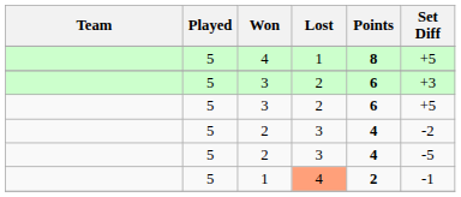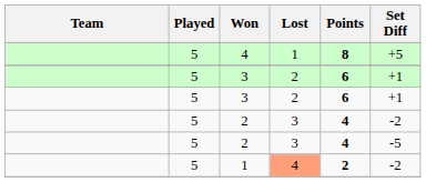 <table class=wikitable style="text-align:center">
 <tr>
 <th width=180>Team</th>
 <th width=50>Played</th>
 <th width=50>Won</th>
 <th width=50>Lost</th>
 <th width=50>Points</th>
 <th width=50>Set Diff</th>
 </tr>
 <tr>
 </tr>
 <tr bgcolor=ccffcc>
 <td align=left></td>
 <td>5</td>
 <td>4</td>
 <td>1</td>
 <td><strong>8</strong></td>
 <td>+5</td>
 </tr>
 <tr>
 </tr>
 <tr bgcolor=ccffcc>
 <td align=left></td>
 <td>5</td>
 <td>3</td>
 <td>2</td>
 <td><strong>6</strong></td>
-<td>+3</td>
+<td>+1</td>
 </tr>
 <tr>
 <td align=left></td>
 <td>5</td>
 <td>3</td>
 <td>2</td>
 <td><strong>6</strong></td>
-<td>+5</td>
+<td>+1</td>
 </tr>
 <tr>
 <td align=left></td>
 <td>5</td>
 <td>2</td>
 <td>3</td>
 <td><strong>4</strong></td>
 <td>-2</td>
 </tr>
 <tr>
 <td align=left></td>
 <td>5</td>
 <td>2</td>
 <td>3</td>
 <td><strong>4</strong></td>
 <td>-5</td>
 </tr>
 <tr>
 <td align=left></td>
 <td>5</td>
 <td>1</td>
 <td style="background: lightsalmon;">4</td>
 <td><strong>2</strong></td>
-<td>-1</td>
+<td>-2</td>
 </tr>
 <tr>
 </tr>
 </table>
